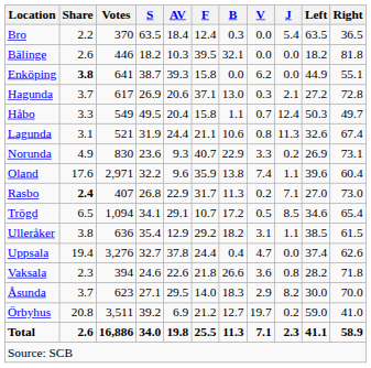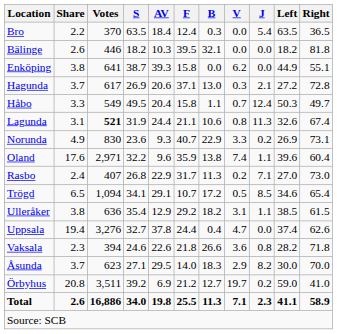 <table class="wikitable sortable" style=text-align:right>
 <tr>
 <th>Location</th>
 <th>Share</th>
 <th>Votes</th>
 <th><a href='#'>S</a></th>
 <th><a href='#'>AV</a></th>
 <th><a href='#'>F</a></th>
 <th><a href='#'>B</a></th>
 <th><a href='#'>V</a></th>
 <th><a href='#'>J</a></th>
 <th>Left</th>
 <th>Right</th>
 </tr>
 <tr>
 <td align=left><a href='#'>Bro</a></td>
 <td>2.2</td>
 <td>370</td>
 <td>63.5</td>
 <td>18.4</td>
 <td>12.4</td>
 <td>0.3</td>
 <td>0.0</td>
 <td>5.4</td>
 <td>63.5</td>
 <td>36.5</td>
 </tr>
 <tr>
 <td align=left><a href='#'>Bälinge</a></td>
 <td>2.6</td>
 <td>446</td>
 <td>18.2</td>
 <td>10.3</td>
 <td>39.5</td>
 <td>32.1</td>
 <td>0.0</td>
 <td>0.0</td>
 <td>18.2</td>
 <td>81.8</td>
 </tr>
 <tr>
 <td align=left><a href='#'>Enköping</a></td>
-<td><strong>3.8</strong></td>
+<td>3.8</td>
 <td>641</td>
 <td>38.7</td>
 <td>39.3</td>
 <td>15.8</td>
 <td>0.0</td>
 <td>6.2</td>
 <td>0.0</td>
 <td>44.9</td>
 <td>55.1</td>
 </tr>
 <tr>
 <td align=left><a href='#'>Hagunda</a></td>
 <td>3.7</td>
 <td>617</td>
 <td>26.9</td>
 <td>20.6</td>
 <td>37.1</td>
 <td>13.0</td>
 <td>0.3</td>
 <td>2.1</td>
 <td>27.2</td>
 <td>72.8</td>
 </tr>
 <tr>
 <td align=left><a href='#'>Håbo</a></td>
 <td>3.3</td>
 <td>549</td>
 <td>49.5</td>
 <td>20.4</td>
 <td>15.8</td>
 <td>1.1</td>
 <td>0.7</td>
 <td>12.4</td>
 <td>50.3</td>
 <td>49.7</td>
 </tr>
 <tr>
 <td align=left><a href='#'>Lagunda</a></td>
 <td>3.1</td>
-<td>521</td>
+<td><strong>521</strong></td>
 <td>31.9</td>
 <td>24.4</td>
 <td>21.1</td>
 <td>10.6</td>
 <td>0.8</td>
 <td>11.3</td>
 <td>32.6</td>
 <td>67.4</td>
 </tr>
 <tr>
 <td align=left><a href='#'>Norunda</a></td>
 <td>4.9</td>
 <td>830</td>
 <td>23.6</td>
 <td>9.3</td>
 <td>40.7</td>
 <td>22.9</td>
 <td>3.3</td>
 <td>0.2</td>
 <td>26.9</td>
 <td>73.1</td>
 </tr>
 <tr>
 <td align=left><a href='#'>Oland</a></td>
 <td>17.6</td>
 <td>2,971</td>
 <td>32.2</td>
 <td>9.6</td>
 <td>35.9</td>
 <td>13.8</td>
 <td>7.4</td>
 <td>1.1</td>
 <td>39.6</td>
 <td>60.4</td>
 </tr>
 <tr>
 <td align=left><a href='#'>Rasbo</a></td>
-<td><strong>2.4</strong></td>
+<td>2.4</td>
 <td>407</td>
 <td>26.8</td>
 <td>22.9</td>
 <td>31.7</td>
 <td>11.3</td>
 <td>0.2</td>
 <td>7.1</td>
 <td>27.0</td>
 <td>73.0</td>
 </tr>
 <tr>
 <td align=left><a href='#'>Trögd</a></td>
 <td>6.5</td>
 <td>1,094</td>
 <td>34.1</td>
 <td>29.1</td>
 <td>10.7</td>
 <td>17.2</td>
 <td>0.5</td>
 <td>8.5</td>
 <td>34.6</td>
 <td>65.4</td>
 </tr>
 <tr>
 <td align=left><a href='#'>Ulleråker</a></td>
 <td>3.8</td>
 <td>636</td>
 <td>35.4</td>
 <td>12.9</td>
 <td>29.2</td>
 <td>18.2</td>
 <td>3.1</td>
 <td>1.1</td>
 <td>38.5</td>
 <td>61.5</td>
 </tr>
 <tr>
 <td align=left><a href='#'>Uppsala</a></td>
 <td>19.4</td>
 <td>3,276</td>
 <td>32.7</td>
 <td>37.8</td>
 <td>24.4</td>
 <td>0.4</td>
 <td>4.7</td>
 <td>0.0</td>
 <td>37.4</td>
 <td>62.6</td>
 </tr>
 <tr>
 <td align=left><a href='#'>Vaksala</a></td>
 <td>2.3</td>
 <td>394</td>
 <td>24.6</td>
 <td>22.6</td>
 <td>21.8</td>
 <td>26.6</td>
 <td>3.6</td>
 <td>0.8</td>
 <td>28.2</td>
 <td>71.8</td>
 </tr>
 <tr>
 <td align=left><a href='#'>Åsunda</a></td>
 <td>3.7</td>
 <td>623</td>
 <td>27.1</td>
 <td>29.5</td>
 <td>14.0</td>
 <td>18.3</td>
 <td>2.9</td>
 <td>8.2</td>
 <td>30.0</td>
 <td>70.0</td>
 </tr>
 <tr>
 <td align=left><a href='#'>Örbyhus</a></td>
 <td>20.8</td>
 <td>3,511</td>
 <td>39.2</td>
 <td>6.9</td>
 <td>21.2</td>
 <td>12.7</td>
 <td>19.7</td>
 <td>0.2</td>
 <td>59.0</td>
 <td>41.0</td>
 </tr>
 <tr>
 <td align=left><strong>Total</strong></td>
 <td><strong>2.6</strong></td>
 <td><strong>16,886</strong></td>
 <td><strong>34.0</strong></td>
 <td><strong>19.8</strong></td>
 <td><strong>25.5</strong></td>
 <td><strong>11.3</strong></td>
 <td><strong>7.1</strong></td>
 <td><strong>2.3</strong></td>
 <td><strong>41.1</strong></td>
 <td><strong>58.9</strong></td>
 </tr>
 <tr>
 <td align=left colspan=11>Source: SCB </td>
 </tr>
 </table>
